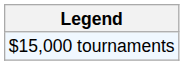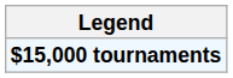 <table class=wikitable style="font-size:85%">
 <tr>
 <th>Legend</th>
 </tr>
 <tr style="background:#f0f8ff;">
-<td>$15,000 tournaments</td>
+<td><strong>$15,000 tournaments</strong></td>
 </tr>
 </table>
